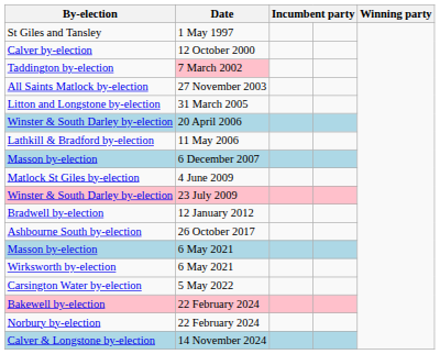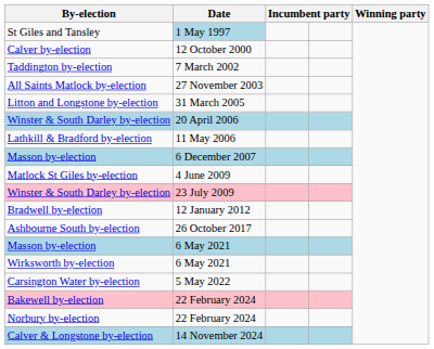 <table class="wikitable">
 <tr>
 <th>By-election</th>
 <th>Date</th>
 <th colspan=2>Incumbent party</th>
 <th colspan=2>Winning party</th>
 </tr>
 <tr>
 <td>St Giles and Tansley</td>
-<td>1 May 1997</td>
+<td style="background: lightblue;">1 May 1997</td>
 <td></td>
 <td></td>
 </tr>
 <tr>
 <td><a href='#'>Calver by-election</a></td>
 <td>12 October 2000</td>
 <td></td>
 <td></td>
 </tr>
 <tr>
 <td><a href='#'>Taddington by-election</a></td>
-<td style="background: pink;">7 March 2002</td>
+<td>7 March 2002</td>
 <td></td>
 <td></td>
 </tr>
 <tr>
 <td><a href='#'>All Saints Matlock by-election</a></td>
 <td>27 November 2003</td>
 <td></td>
 <td></td>
 </tr>
 <tr>
 <td><a href='#'>Litton and Longstone by-election</a></td>
 <td>31 March 2005</td>
 <td></td>
 <td></td>
 </tr>
 <tr bgcolor=lightblue>
 <td><a href='#'>Winster & South Darley by-election</a></td>
 <td>20 April 2006</td>
 <td></td>
 <td></td>
 </tr>
 <tr>
 <td><a href='#'>Lathkill & Bradford by-election</a></td>
 <td>11 May 2006</td>
 <td></td>
 <td></td>
 </tr>
 <tr bgcolor=lightblue>
 <td><a href='#'>Masson by-election</a></td>
 <td>6 December 2007</td>
 <td></td>
 <td></td>
 </tr>
 <tr>
 <td><a href='#'>Matlock St Giles by-election</a></td>
 <td>4 June 2009</td>
 <td></td>
 <td></td>
 </tr>
 <tr bgcolor=pink>
 <td><a href='#'>Winster & South Darley by-election</a></td>
 <td>23 July 2009</td>
 <td></td>
 <td></td>
 </tr>
 <tr>
 <td><a href='#'>Bradwell by-election</a></td>
 <td>12 January 2012</td>
 <td></td>
 <td></td>
 </tr>
 <tr>
 <td><a href='#'>Ashbourne South by-election</a></td>
 <td>26 October 2017</td>
 <td></td>
 <td></td>
 </tr>
 <tr bgcolor=lightblue>
 <td><a href='#'>Masson by-election</a></td>
 <td>6 May 2021</td>
 <td></td>
 <td></td>
 </tr>
 <tr>
 <td><a href='#'>Wirksworth by-election</a></td>
 <td>6 May 2021</td>
 <td></td>
 <td></td>
 </tr>
 <tr>
 <td><a href='#'>Carsington Water by-election</a></td>
 <td>5 May 2022</td>
 <td></td>
 <td></td>
 </tr>
 <tr bgcolor=pink>
 <td><a href='#'>Bakewell by-election</a></td>
 <td>22 February 2024</td>
 <td></td>
 <td></td>
 </tr>
 <tr>
 <td><a href='#'>Norbury by-election</a></td>
 <td>22 February 2024</td>
 <td></td>
 <td></td>
 </tr>
 <tr bgcolor=lightblue>
 <td><a href='#'>Calver & Longstone by-election</a></td>
 <td>14 November 2024</td>
 <td></td>
 <td></td>
 </tr>
 </table>
